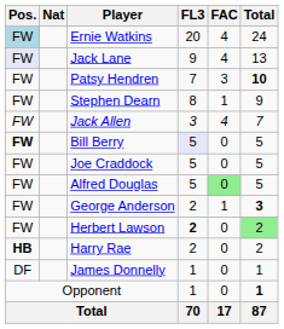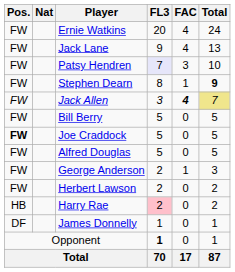 <table class="wikitable"  style="text-align:center; border:1px #aaa solid;">
 <tr>
 <th>Pos.</th>
 <th>Nat</th>
 <th>Player</th>
 <th>FL3</th>
 <th>FAC</th>
 <th>Total</th>
 </tr>
 <tr>
-<td style="background: lightblue;">FW</td>
+<td>FW</td>
 <td></td>
 <td style="text-align:left;"><a href='#'>Ernie Watkins</a></td>
 <td>20</td>
 <td>4</td>
 <td>24</td>
 </tr>
 <tr>
-<td style="background: lavender;">FW</td>
+<td>FW</td>
 <td></td>
 <td style="text-align:left;"><a href='#'>Jack Lane</a></td>
 <td>9</td>
 <td>4</td>
 <td>13</td>
 </tr>
 <tr>
 <td>FW</td>
 <td></td>
 <td style="text-align:left;"><a href='#'>Patsy Hendren</a></td>
-<td>7</td>
+<td style="background: lavender;">7</td>
 <td>3</td>
-<td><strong>10</strong></td>
+<td>10</td>
 </tr>
 <tr>
 <td>FW</td>
 <td></td>
 <td style="text-align:left;"><a href='#'>Stephen Dearn</a></td>
 <td>8</td>
 <td>1</td>
-<td>9</td>
+<td><strong>9</strong></td>
 </tr>
 <tr>
 <td><em>FW</em></td>
 <td><em></em></td>
 <td style="text-align:left;"><a href='#'><em>Jack Allen</em></a></td>
 <td><em>3</em></td>
-<td><em>4</em></td>
-<td><em>7</em></td>
+<td><strong><em>4</em></strong></td>
+<td style="background: khaki;"><em>7</em></td>
 </tr>
 <tr>
-<td><strong>FW</strong></td>
+<td>FW</td>
 <td></td>
 <td style="text-align:left;"><a href='#'>Bill Berry</a></td>
-<td style="background: lavender;">5</td>
+<td>5</td>
 <td>0</td>
 <td>5</td>
 </tr>
 <tr>
-<td>FW</td>
+<td><strong>FW</strong></td>
 <td></td>
 <td style="text-align:left;"><a href='#'>Joe Craddock</a></td>
 <td>5</td>
 <td>0</td>
 <td>5</td>
 </tr>
 <tr>
 <td>FW</td>
 <td></td>
 <td style="text-align:left;"><a href='#'>Alfred Douglas</a></td>
 <td>5</td>
-<td style="background: lightgreen;">0</td>
+<td>0</td>
 <td>5</td>
 </tr>
 <tr>
 <td>FW</td>
 <td></td>
 <td style="text-align:left;"><a href='#'>George Anderson</a></td>
 <td>2</td>
 <td>1</td>
-<td><strong>3</strong></td>
+<td>3</td>
 </tr>
 <tr>
 <td>FW</td>
 <td></td>
 <td style="text-align:left;"><a href='#'>Herbert Lawson</a></td>
-<td><strong>2</strong></td>
+<td>2</td>
 <td>0</td>
-<td style="background: lightgreen;">2</td>
+<td>2</td>
 </tr>
 <tr>
-<td><strong>HB</strong></td>
+<td>HB</td>
 <td></td>
 <td style="text-align:left;"><a href='#'>Harry Rae</a></td>
-<td>2</td>
+<td style="background: pink;">2</td>
 <td>0</td>
 <td>2</td>
 </tr>
 <tr>
 <td>DF</td>
 <td></td>
 <td style="text-align:left;"><a href='#'>James Donnelly</a></td>
 <td>1</td>
 <td>0</td>
 <td>1</td>
 </tr>
 <tr>
 <td colspan="3">Opponent</td>
+<td><strong>1</strong></td>
+<td>0</td>
 <td>1</td>
-<td>0</td>
-<td><strong>1</strong></td>
 </tr>
 <tr>
 <th colspan="3">Total</th>
 <th>70</th>
 <th>17</th>
 <th>87</th>
 </tr>
 </table>
